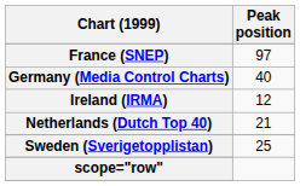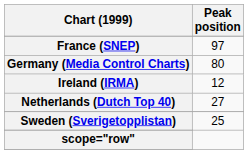 <table class="wikitable sortable plainrowheaders" style="text-align:center;" border="1">
 <tr>
 <th scope="col">Chart (1999)</th>
 <th scope="col">Peak<br>position</th>
 </tr>
 <tr>
 </tr>
 <tr>
 <th scope="row">France (<a href='#'>SNEP</a>)</th>
 <td>97</td>
 </tr>
 <tr>
 <th scope="row">Germany (<a href='#'>Media Control Charts</a>)</th>
-<td>40</td>
+<td>80</td>
 </tr>
 <tr>
 <th scope="row">Ireland (<a href='#'>IRMA</a>)</th>
 <td>12</td>
 </tr>
 <tr>
 <th scope="row">Netherlands (<a href='#'>Dutch Top 40</a>)</th>
-<td>21</td>
+<td>27</td>
 </tr>
 <tr>
 </tr>
 <tr>
 <th scope="row">Sweden (<a href='#'>Sverigetopplistan</a>)</th>
 <td>25</td>
 </tr>
 <tr>
 </tr>
 <tr>
 <th>scope="row" </th>
 </tr>
 <tr>
 </tr>
 </table>
